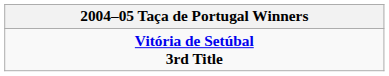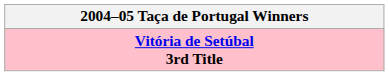 <table class="wikitable" style="text-align: center; margin: 0 auto; width: 20%">
 <tr>
 <th>2004–05 Taça de Portugal Winners</th>
 </tr>
 <tr>
-<td><strong><a href='#'>Vitória de Setúbal</a></strong><br><strong>3rd Title</strong></td>
+<td style="background: pink;"><strong><a href='#'>Vitória de Setúbal</a></strong><br><strong>3rd Title</strong></td>
 </tr>
 </table>
